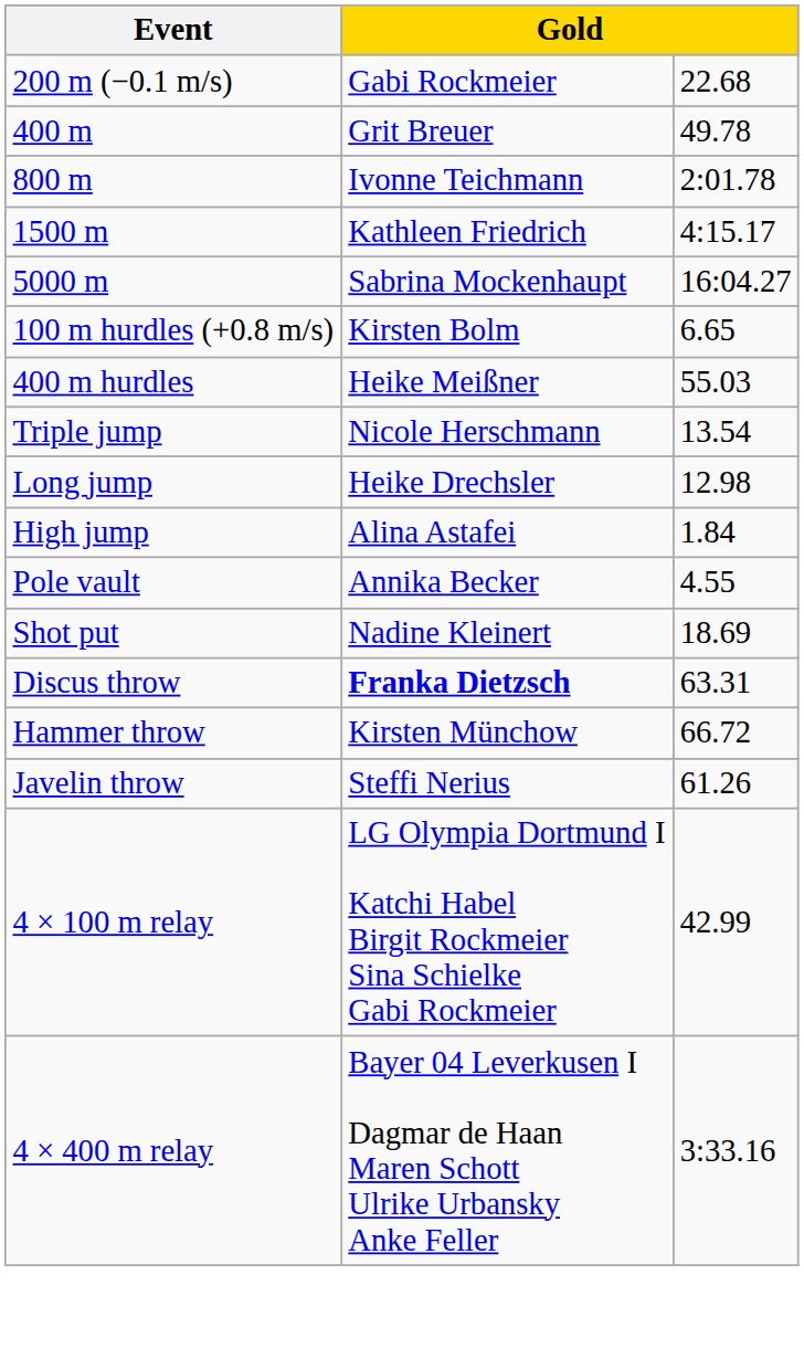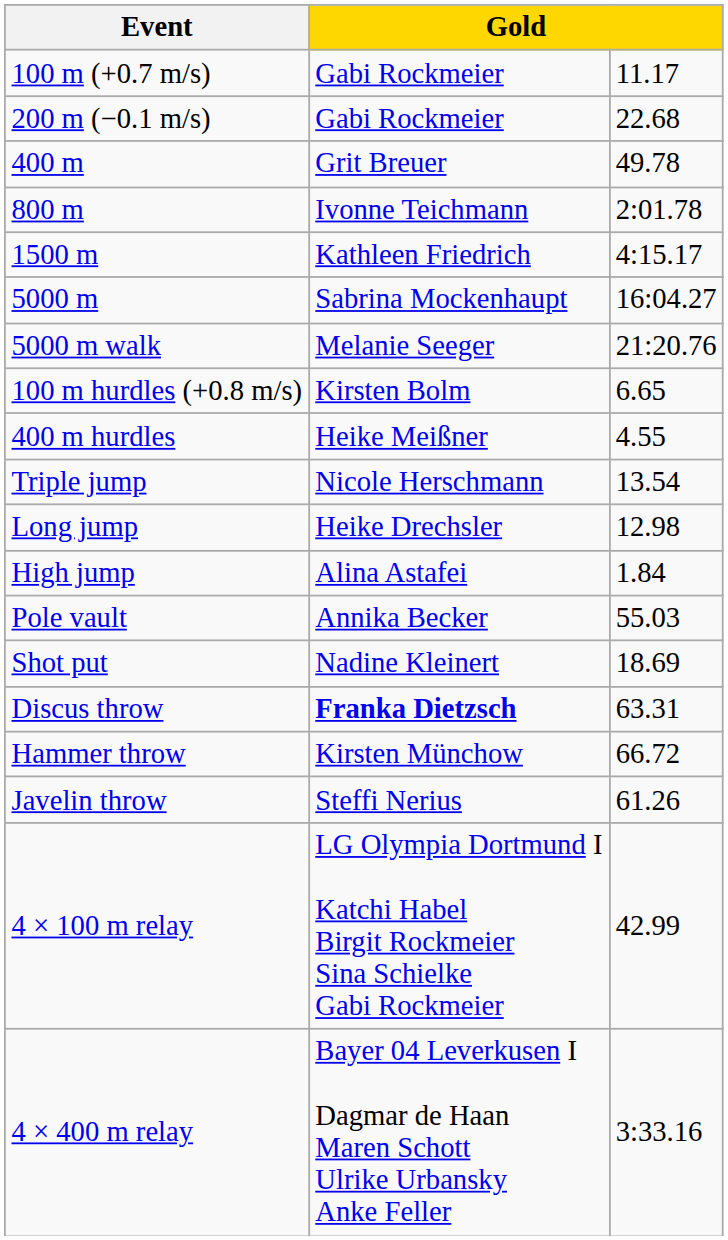 <table class="wikitable">
 <tr>
 <th>Event</th>
 <th style="background:gold;" colspan=2>Gold</th>
+</tr>
+<tr>
+<td><a href='#'>100 m</a> (+0.7 m/s)</td>
+<td><a href='#'>Gabi Rockmeier</a></td>
+<td>11.17 </td>
 </tr>
 <tr>
 <td><a href='#'>200 m</a> (−0.1 m/s)</td>
 <td><a href='#'>Gabi Rockmeier</a></td>
 <td>22.68 </td>
 </tr>
 <tr>
 <td><a href='#'>400 m</a></td>
 <td><a href='#'>Grit Breuer</a></td>
 <td>49.78 </td>
 </tr>
 <tr>
 <td><a href='#'>800 m</a></td>
 <td><a href='#'>Ivonne Teichmann</a></td>
 <td>2:01.78</td>
 </tr>
 <tr>
 <td><a href='#'>1500 m</a></td>
 <td><a href='#'>Kathleen Friedrich</a></td>
 <td>4:15.17</td>
 </tr>
 <tr>
 <td><a href='#'>5000 m</a></td>
 <td><a href='#'>Sabrina Mockenhaupt</a></td>
 <td>16:04.27</td>
 </tr>
 <tr>
+<td><a href='#'>5000 m walk</a></td>
+<td><a href='#'>Melanie Seeger</a></td>
+<td>21:20.76 </td>
+</tr>
+<tr>
 <td><a href='#'>100 m hurdles</a> (+0.8 m/s)</td>
 <td><a href='#'>Kirsten Bolm</a></td>
 <td>6.65</td>
 </tr>
 <tr>
 <td><a href='#'>400 m hurdles</a></td>
 <td><a href='#'>Heike Meißner</a></td>
-<td>55.03 </td>
+<td>4.55 </td>
 </tr>
 <tr>
 <td><a href='#'>Triple jump</a></td>
 <td><a href='#'>Nicole Herschmann</a></td>
 <td>13.54</td>
 </tr>
 <tr>
 <td><a href='#'>Long jump</a></td>
 <td><a href='#'>Heike Drechsler</a></td>
 <td>12.98 </td>
 </tr>
 <tr>
 <td><a href='#'>High jump</a></td>
 <td><a href='#'>Alina Astafei</a></td>
 <td>1.84</td>
 </tr>
 <tr>
 <td><a href='#'>Pole vault</a></td>
 <td><a href='#'>Annika Becker</a></td>
-<td>4.55 </td>
+<td>55.03 </td>
 </tr>
 <tr>
 <td><a href='#'>Shot put</a></td>
 <td><a href='#'>Nadine Kleinert</a></td>
 <td>18.69</td>
 </tr>
 <tr>
 <td><a href='#'>Discus throw</a></td>
 <td><strong><a href='#'>Franka Dietzsch</a></strong></td>
 <td>63.31</td>
 </tr>
 <tr>
 <td><a href='#'>Hammer throw</a></td>
 <td><a href='#'>Kirsten Münchow</a></td>
 <td>66.72</td>
 </tr>
 <tr>
 <td><a href='#'>Javelin throw</a></td>
 <td><a href='#'>Steffi Nerius</a></td>
 <td>61.26</td>
 </tr>
 <tr>
 <td><a href='#'>4 × 100 m relay</a></td>
 <td><a href='#'>LG Olympia Dortmund</a> I <br><br><a href='#'>Katchi Habel</a> <br> <a href='#'>Birgit Rockmeier</a> <br> <a href='#'>Sina Schielke</a> <br> <a href='#'>Gabi Rockmeier</a></td>
 <td>42.99 </td>
 </tr>
 <tr>
 <td><a href='#'>4 × 400 m relay</a></td>
 <td><a href='#'>Bayer 04 Leverkusen</a> I <br><br>Dagmar de Haan <br> <a href='#'>Maren Schott</a> <br> <a href='#'>Ulrike Urbansky</a> <br> <a href='#'>Anke Feller</a></td>
 <td>3:33.16</td>
 </tr>
 </table>
